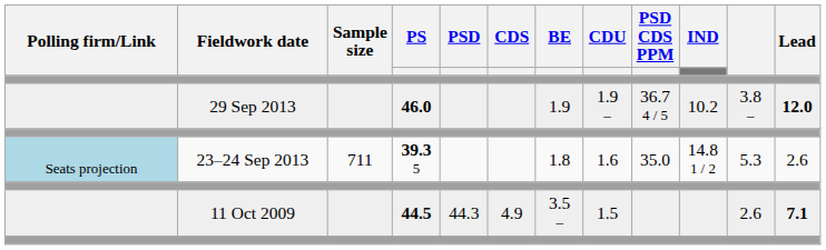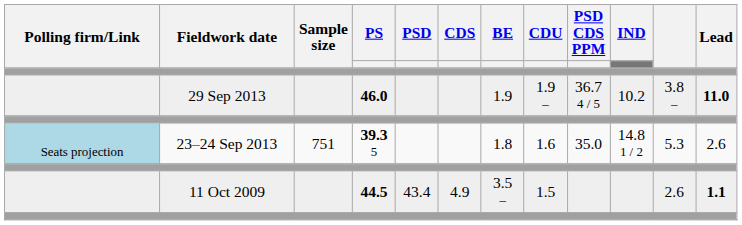 <table class="wikitable collapsible sortable" style="text-align:center; font-size:95%; line-height:16px;">
 <tr style="height:42px;">
 <th style="width:145px;" rowspan="2">Polling firm/Link</th>
 <th style="width:125px;" rowspan="2">Fieldwork date</th>
 <th class="unsortable" style="width:50px;" rowspan="2">Sample size</th>
 <th class="unsortable" style="width:35px;"><a href='#'>PS</a></th>
 <th class="unsortable" style="width:35px;"><a href='#'>PSD</a></th>
 <th class="unsortable" style="width:35px;"><a href='#'>CDS</a></th>
 <th class="unsortable" style="width:35px;"><a href='#'>BE</a></th>
 <th class="unsortable" style="width:35px;"><a href='#'>CDU</a></th>
 <th class="unsortable" style="width:35px;"><a href='#'>PSD</a><br><a href='#'>CDS</a><br><a href='#'>PPM</a></th>
 <th class="unsortable" style="width:35px;"><a href='#'>IND</a></th>
 <th class="unsortable" style="width:35px;" rowspan="2"></th>
 <th class="unsortable" style="width:30px;" rowspan="2">Lead</th>
 </tr>
 <tr>
 <th class="unsortable" style="color:inherit;background:"></th>
 <th class="unsortable" style="color:inherit;background:"></th>
 <th class="unsortable" style="color:inherit;background:"></th>
 <th class="unsortable" style="color:inherit;background:"></th>
 <th class="unsortable" style="color:inherit;background:"></th>
 <th class="unsortable" style="color:inherit;background:"></th>
 <th class="unsortable" style="color:inherit;background:#777777;"></th>
 </tr>
 <tr>
 <td colspan="13" style="background:#A0A0A0"></td>
 </tr>
 <tr style="background:#EFEFEF;">
 <td><strong></strong></td>
 <td data-sort-value="2019-10-06">29 Sep 2013</td>
 <td></td>
 <td><strong>46.0</strong><br></td>
 <td></td>
 <td></td>
 <td>1.9<br></td>
 <td align="center">1.9<br><small>– </small></td>
 <td align="center">36.7<br><small> 4 / 5 </small></td>
 <td>10.2<br></td>
 <td align="center">3.8<br><small>– </small></td>
-<td style="background:"><strong>12.0</strong></td>
+<td style="background:"><strong>11.0</strong></td>
 </tr>
 <tr>
 <td colspan="13" style="background:#A0A0A0"></td>
 </tr>
 <tr>
 <td align="center" style="background: lightblue;"><br><small>Seats projection</small></td>
 <td align="center">23–24 Sep 2013</td>
-<td>711</td>
+<td>751</td>
 <td align="center" ><strong>39.3</strong><br><small>5 </small></td>
 <td></td>
 <td></td>
 <td>1.8<br></td>
 <td>1.6<br></td>
 <td>35.0<br></td>
 <td align="center">14.8<br><small>1 / 2</small></td>
 <td>5.3<br></td>
 <td style="background:">2.6</td>
 </tr>
 <tr>
 <td colspan="13" style="background:#A0A0A0"></td>
 </tr>
 <tr style="background:#EFEFEF;">
 <td><strong></strong></td>
 <td data-sort-value="2019-10-06">11 Oct 2009</td>
 <td></td>
 <td><strong>44.5</strong><br></td>
-<td>44.3<br></td>
+<td>43.4<br></td>
 <td>4.9<br></td>
 <td align="center">3.5<br><small> – </small></td>
 <td>1.5<br></td>
 <td></td>
 <td></td>
 <td>2.6<br></td>
-<td style="background:"><strong>7.1</strong></td>
+<td style="background:"><strong>1.1</strong></td>
 </tr>
 <tr>
 <td colspan="13" style="background:#A0A0A0"></td>
 </tr>
 <tr>
 </tr>
 </table>
